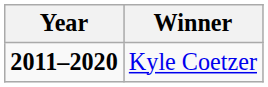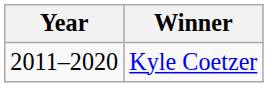 <table class="wikitable">
 <tr>
 <th>Year</th>
 <th>Winner</th>
 </tr>
 <tr>
-<td><strong>2011–2020</strong></td>
+<td>2011–2020</td>
 <td> <a href='#'>Kyle Coetzer</a></td>
 </tr>
 </table>
